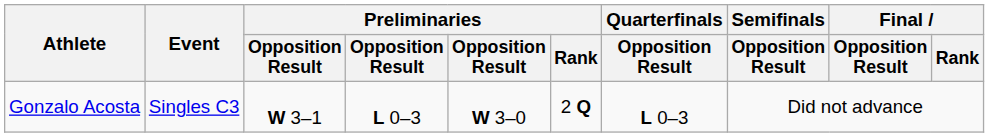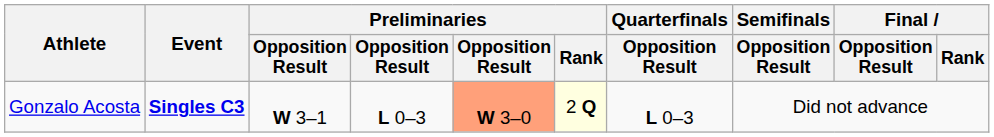 <table class=wikitable style="font-size:90%">
 <tr>
 <th rowspan="2">Athlete</th>
 <th rowspan="2">Event</th>
 <th colspan="4">Preliminaries</th>
 <th>Quarterfinals</th>
 <th>Semifinals</th>
 <th colspan="2">Final / </th>
 </tr>
 <tr style="font-size:95%">
 <th>Opposition<br>Result</th>
 <th>Opposition<br>Result</th>
 <th>Opposition<br>Result</th>
 <th>Rank</th>
 <th>Opposition<br>Result</th>
 <th>Opposition<br>Result</th>
 <th>Opposition<br>Result</th>
 <th>Rank</th>
 </tr>
 <tr align=center>
 <td align=left><a href='#'>Gonzalo Acosta</a></td>
-<td align=left><a href='#'>Singles C3</a></td>
+<td align=left><strong><a href='#'>Singles C3</a></strong></td>
 <td><br><strong>W</strong> 3–1</td>
 <td><br><strong>L</strong> 0–3</td>
-<td><br><strong>W</strong> 3–0</td>
-<td>2 <strong>Q</strong></td>
+<td style="background: lightsalmon;"><br><strong>W</strong> 3–0</td>
+<td style="background: lightyellow;">2 <strong>Q</strong></td>
 <td><br><strong>L</strong> 0–3</td>
 <td colspan=3>Did not advance</td>
 </tr>
 </table>
